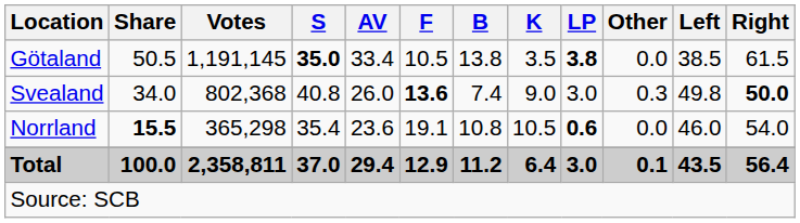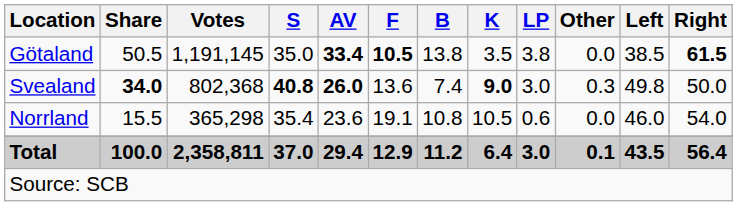 <table class="wikitable sortable" style=text-align:right>
 <tr>
 <th>Location</th>
 <th>Share</th>
 <th>Votes</th>
 <th><a href='#'>S</a></th>
 <th><a href='#'>AV</a></th>
 <th><a href='#'>F</a></th>
 <th><a href='#'>B</a></th>
 <th><a href='#'>K</a></th>
 <th><a href='#'>LP</a></th>
 <th>Other</th>
 <th>Left</th>
 <th>Right</th>
 </tr>
 <tr>
 <td align=left><a href='#'>Götaland</a></td>
 <td>50.5</td>
 <td>1,191,145</td>
-<td><strong>35.0</strong></td>
-<td>33.4</td>
-<td>10.5</td>
+<td>35.0</td>
+<td><strong>33.4</strong></td>
+<td><strong>10.5</strong></td>
 <td>13.8</td>
 <td>3.5</td>
-<td><strong>3.8</strong></td>
+<td>3.8</td>
 <td>0.0</td>
 <td>38.5</td>
-<td>61.5</td>
+<td><strong>61.5</strong></td>
 </tr>
 <tr>
 <td align=left><a href='#'>Svealand</a></td>
-<td>34.0</td>
+<td><strong>34.0</strong></td>
 <td>802,368</td>
-<td>40.8</td>
-<td>26.0</td>
-<td><strong>13.6</strong></td>
+<td><strong>40.8</strong></td>
+<td><strong>26.0</strong></td>
+<td>13.6</td>
 <td>7.4</td>
-<td>9.0</td>
+<td><strong>9.0</strong></td>
 <td>3.0</td>
 <td>0.3</td>
 <td>49.8</td>
-<td><strong>50.0</strong></td>
+<td>50.0</td>
 </tr>
 <tr>
 <td align=left><a href='#'>Norrland</a></td>
-<td><strong>15.5</strong></td>
+<td>15.5</td>
 <td>365,298</td>
 <td>35.4</td>
 <td>23.6</td>
 <td>19.1</td>
 <td>10.8</td>
 <td>10.5</td>
-<td><strong>0.6</strong></td>
+<td>0.6</td>
 <td>0.0</td>
 <td>46.0</td>
 <td>54.0</td>
 </tr>
 <tr>
 </tr>
 <tr style="background:#CDCDCD;">
 <td align=left><strong>Total</strong></td>
 <td><strong>100.0</strong></td>
 <td><strong>2,358,811</strong></td>
 <td><strong>37.0</strong></td>
 <td><strong>29.4</strong></td>
 <td><strong>12.9</strong></td>
 <td><strong>11.2</strong></td>
 <td><strong>6.4</strong></td>
 <td><strong>3.0</strong></td>
 <td><strong>0.1</strong></td>
 <td><strong>43.5</strong></td>
 <td><strong>56.4</strong></td>
 </tr>
 <tr>
 <td align=left colspan=12>Source: SCB </td>
 </tr>
 </table>
